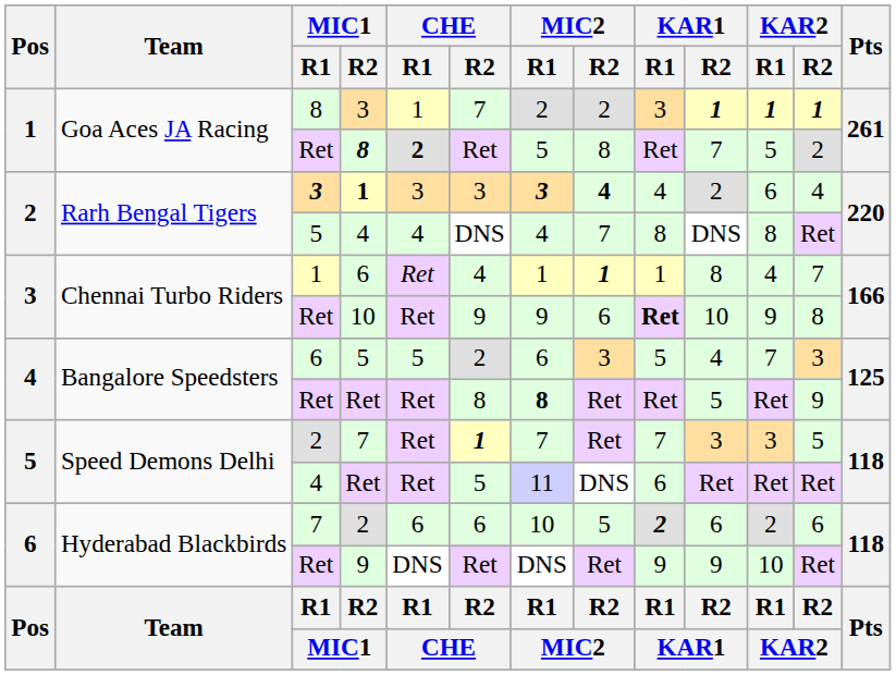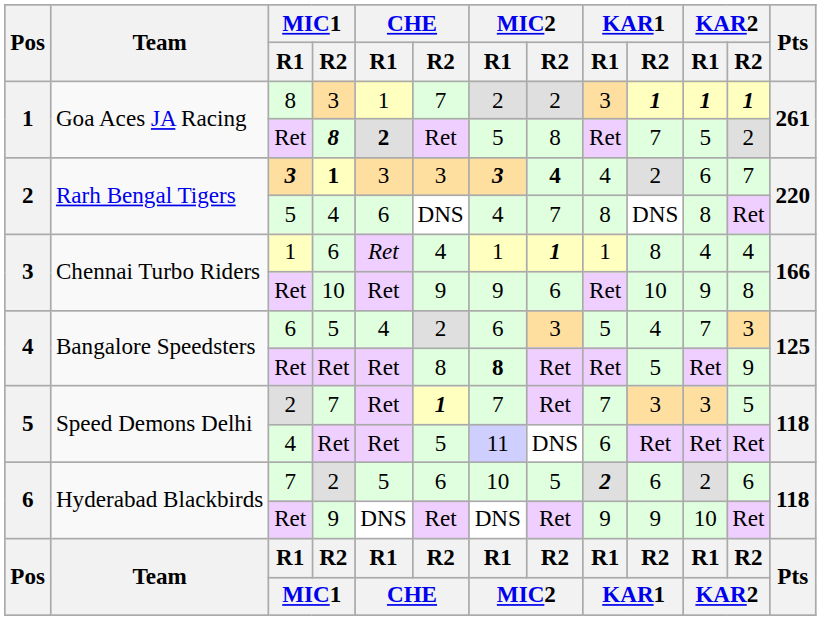 <table class="wikitable" style="font-size:85%; text-align:center">
 <tr>
 <th rowspan=2>Pos</th>
 <th rowspan=2>Team</th>
 <th colspan=2><a href='#'>MIC</a>1</th>
 <th colspan=2><a href='#'>CHE</a></th>
 <th colspan=2><a href='#'>MIC</a>2</th>
 <th colspan=2><a href='#'>KAR</a>1</th>
 <th colspan=2><a href='#'>KAR</a>2</th>
 <th rowspan=2>Pts</th>
 </tr>
 <tr>
 <th>R1</th>
 <th>R2</th>
 <th>R1</th>
 <th>R2</th>
 <th>R1</th>
 <th>R2</th>
 <th>R1</th>
 <th>R2</th>
 <th>R1</th>
 <th>R2</th>
 </tr>
 <tr>
 <th rowspan=2>1</th>
 <td rowspan=2 align=left>Goa Aces <a href='#'>JA</a> Racing</td>
 <td style="background:#dfffdf;">8</td>
 <td style="background:#ffdf9f;">3</td>
 <td style="background:#ffffbf;">1</td>
 <td style="background:#dfffdf;">7</td>
 <td style="background:#dfdfdf;">2</td>
 <td style="background:#dfdfdf;">2</td>
 <td style="background:#ffdf9f;">3</td>
 <td style="background:#ffffbf;"><strong><em>1</em></strong></td>
 <td style="background:#ffffbf;"><strong><em>1</em></strong></td>
 <td style="background:#ffffbf;"><strong><em>1</em></strong></td>
 <th rowspan=2>261</th>
 </tr>
 <tr>
 <td style="background:#efcfff;">Ret</td>
 <td style="background:#dfffdf;"><strong><em>8</em></strong></td>
 <td style="background:#dfdfdf;"><strong>2</strong></td>
 <td style="background:#efcfff;">Ret</td>
 <td style="background:#dfffdf;">5</td>
 <td style="background:#dfffdf;">8</td>
 <td style="background:#efcfff;">Ret</td>
 <td style="background:#dfffdf;">7</td>
 <td style="background:#dfffdf;">5</td>
 <td style="background:#dfdfdf;">2</td>
 </tr>
 <tr>
 <th rowspan=2>2</th>
 <td rowspan=2 align=left><a href='#'>Rarh Bengal Tigers</a></td>
 <td style="background:#ffdf9f;"><strong><em>3</em></strong></td>
 <td style="background:#ffffbf;"><strong>1</strong></td>
 <td style="background:#ffdf9f;">3</td>
 <td style="background:#ffdf9f;">3</td>
 <td style="background:#ffdf9f;"><strong><em>3</em></strong></td>
 <td style="background:#dfffdf;"><strong>4</strong></td>
 <td style="background:#dfffdf;">4</td>
 <td style="background:#dfdfdf;">2</td>
 <td style="background:#dfffdf;">6</td>
-<td style="background:#dfffdf;">4</td>
+<td style="background:#dfffdf;">7</td>
 <th rowspan=2>220</th>
 </tr>
 <tr>
 <td style="background:#dfffdf;">5</td>
 <td style="background:#dfffdf;">4</td>
-<td style="background:#dfffdf;">4</td>
+<td style="background:#dfffdf;">6</td>
 <td style="background:#ffffff;">DNS</td>
 <td style="background:#dfffdf;">4</td>
 <td style="background:#dfffdf;">7</td>
 <td style="background:#dfffdf;">8</td>
 <td style="background:#ffffff;">DNS</td>
 <td style="background:#dfffdf;">8</td>
 <td style="background:#efcfff;">Ret</td>
 </tr>
 <tr>
 <th rowspan=2>3</th>
 <td rowspan=2 align=left>Chennai Turbo Riders</td>
 <td style="background:#ffffbf;">1</td>
 <td style="background:#dfffdf;">6</td>
 <td style="background:#efcfff;"><em>Ret</em></td>
 <td style="background:#dfffdf;">4</td>
 <td style="background:#ffffbf;">1</td>
 <td style="background:#ffffbf;"><strong><em>1</em></strong></td>
 <td style="background:#ffffbf;">1</td>
 <td style="background:#dfffdf;">8</td>
 <td style="background:#dfffdf;">4</td>
-<td style="background:#dfffdf;">7</td>
+<td style="background:#dfffdf;">4</td>
 <th rowspan=2>166</th>
 </tr>
 <tr>
 <td style="background:#efcfff;">Ret</td>
 <td style="background:#dfffdf;">10</td>
 <td style="background:#efcfff;">Ret</td>
 <td style="background:#dfffdf;">9</td>
 <td style="background:#dfffdf;">9</td>
 <td style="background:#dfffdf;">6</td>
-<td style="background:#efcfff;"><strong>Ret</strong></td>
+<td style="background:#efcfff;">Ret</td>
 <td style="background:#dfffdf;">10</td>
 <td style="background:#dfffdf;">9</td>
 <td style="background:#dfffdf;">8</td>
 </tr>
 <tr>
 <th rowspan=2>4</th>
 <td rowspan=2 align=left>Bangalore Speedsters</td>
 <td style="background:#dfffdf;">6</td>
 <td style="background:#dfffdf;">5</td>
-<td style="background:#dfffdf;">5</td>
+<td style="background:#dfffdf;">4</td>
 <td style="background:#dfdfdf;">2</td>
 <td style="background:#dfffdf;">6</td>
 <td style="background:#ffdf9f;">3</td>
 <td style="background:#dfffdf;">5</td>
 <td style="background:#dfffdf;">4</td>
 <td style="background:#dfffdf;">7</td>
 <td style="background:#ffdf9f;">3</td>
 <th rowspan=2>125</th>
 </tr>
 <tr>
 <td style="background:#efcfff;">Ret</td>
 <td style="background:#efcfff;">Ret</td>
 <td style="background:#efcfff;">Ret</td>
 <td style="background:#dfffdf;">8</td>
 <td style="background:#dfffdf;"><strong>8</strong></td>
 <td style="background:#efcfff;">Ret</td>
 <td style="background:#efcfff;">Ret</td>
 <td style="background:#dfffdf;">5</td>
 <td style="background:#efcfff;">Ret</td>
 <td style="background:#dfffdf;">9</td>
 </tr>
 <tr>
 <th rowspan=2>5</th>
 <td rowspan=2 align=left>Speed Demons Delhi</td>
 <td style="background:#dfdfdf;">2</td>
 <td style="background:#dfffdf;">7</td>
 <td style="background:#efcfff;">Ret</td>
 <td style="background:#ffffbf;"><strong><em>1</em></strong></td>
 <td style="background:#dfffdf;">7</td>
 <td style="background:#efcfff;">Ret</td>
 <td style="background:#dfffdf;">7</td>
 <td style="background:#ffdf9f;">3</td>
 <td style="background:#ffdf9f;">3</td>
 <td style="background:#dfffdf;">5</td>
 <th rowspan=2>118</th>
 </tr>
 <tr>
 <td style="background:#dfffdf;">4</td>
 <td style="background:#efcfff;">Ret</td>
 <td style="background:#efcfff;">Ret</td>
 <td style="background:#dfffdf;">5</td>
 <td style="background:#cfcfff;">11</td>
 <td style="background:#ffffff;">DNS</td>
 <td style="background:#dfffdf;">6</td>
 <td style="background:#efcfff;">Ret</td>
 <td style="background:#efcfff;">Ret</td>
 <td style="background:#efcfff;">Ret</td>
 </tr>
 <tr>
 <th rowspan=2>6</th>
 <td rowspan=2 align=left>Hyderabad Blackbirds</td>
 <td style="background:#dfffdf;">7</td>
 <td style="background:#dfdfdf;">2</td>
-<td style="background:#dfffdf;">6</td>
+<td style="background:#dfffdf;">5</td>
 <td style="background:#dfffdf;">6</td>
 <td style="background:#dfffdf;">10</td>
 <td style="background:#dfffdf;">5</td>
 <td style="background:#dfdfdf;"><strong><em>2</em></strong></td>
 <td style="background:#dfffdf;">6</td>
 <td style="background:#dfdfdf;">2</td>
 <td style="background:#dfffdf;">6</td>
 <th rowspan=2>118</th>
 </tr>
 <tr>
 <td style="background:#efcfff;">Ret</td>
 <td style="background:#dfffdf;">9</td>
 <td style="background:#ffffff;">DNS</td>
 <td style="background:#efcfff;">Ret</td>
 <td style="background:#ffffff;">DNS</td>
 <td style="background:#efcfff;">Ret</td>
 <td style="background:#dfffdf;">9</td>
 <td style="background:#dfffdf;">9</td>
 <td style="background:#dfffdf;">10</td>
 <td style="background:#efcfff;">Ret</td>
 </tr>
 <tr>
 <th rowspan=2>Pos</th>
 <th rowspan=2>Team</th>
 <th>R1</th>
 <th>R2</th>
 <th>R1</th>
 <th>R2</th>
 <th>R1</th>
 <th>R2</th>
 <th>R1</th>
 <th>R2</th>
 <th>R1</th>
 <th>R2</th>
 <th rowspan=2>Pts</th>
 </tr>
 <tr>
 <th colspan=2><a href='#'>MIC</a>1</th>
 <th colspan=2><a href='#'>CHE</a></th>
 <th colspan=2><a href='#'>MIC</a>2</th>
 <th colspan=2><a href='#'>KAR</a>1</th>
 <th colspan=2><a href='#'>KAR</a>2</th>
 </tr>
 </table>
